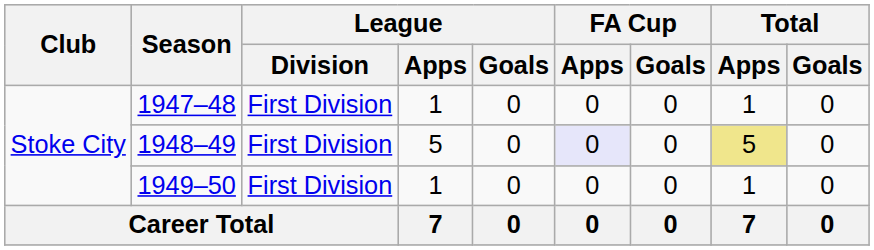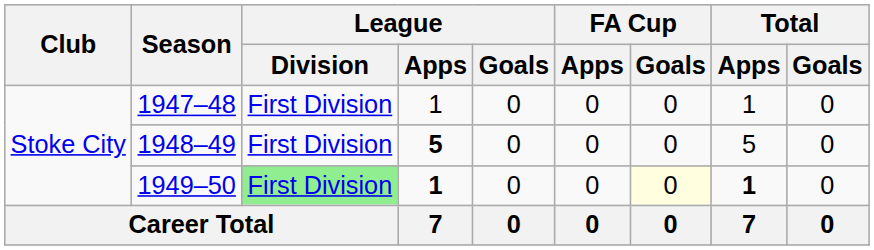 <table class="wikitable" style="text-align: center;">
 <tr>
 <th rowspan="2">Club</th>
 <th rowspan="2">Season</th>
 <th colspan="3">League</th>
 <th colspan="2">FA Cup</th>
 <th colspan="2">Total</th>
 </tr>
 <tr>
 <th>Division</th>
 <th>Apps</th>
 <th>Goals</th>
 <th>Apps</th>
 <th>Goals</th>
 <th>Apps</th>
 <th>Goals</th>
 </tr>
 <tr>
 <td rowspan="3"><a href='#'>Stoke City</a></td>
 <td><a href='#'>1947–48</a></td>
 <td><a href='#'>First Division</a></td>
 <td>1</td>
 <td>0</td>
 <td>0</td>
 <td>0</td>
 <td>1</td>
 <td>0</td>
 </tr>
 <tr>
 <td><a href='#'>1948–49</a></td>
 <td><a href='#'>First Division</a></td>
+<td><strong>5</strong></td>
+<td>0</td>
+<td>0</td>
+<td>0</td>
 <td>5</td>
-<td>0</td>
-<td style="background: lavender;">0</td>
-<td>0</td>
-<td style="background: khaki;">5</td>
 <td>0</td>
 </tr>
 <tr>
 <td><a href='#'>1949–50</a></td>
-<td><a href='#'>First Division</a></td>
-<td>1</td>
+<td style="background: lightgreen;"><a href='#'>First Division</a></td>
+<td><strong>1</strong></td>
 <td>0</td>
 <td>0</td>
-<td>0</td>
-<td>1</td>
+<td style="background: lightyellow;">0</td>
+<td><strong>1</strong></td>
 <td>0</td>
 </tr>
 <tr>
 <th colspan="3">Career Total</th>
 <th>7</th>
 <th>0</th>
 <th>0</th>
 <th>0</th>
 <th>7</th>
 <th>0</th>
 </tr>
 </table>
